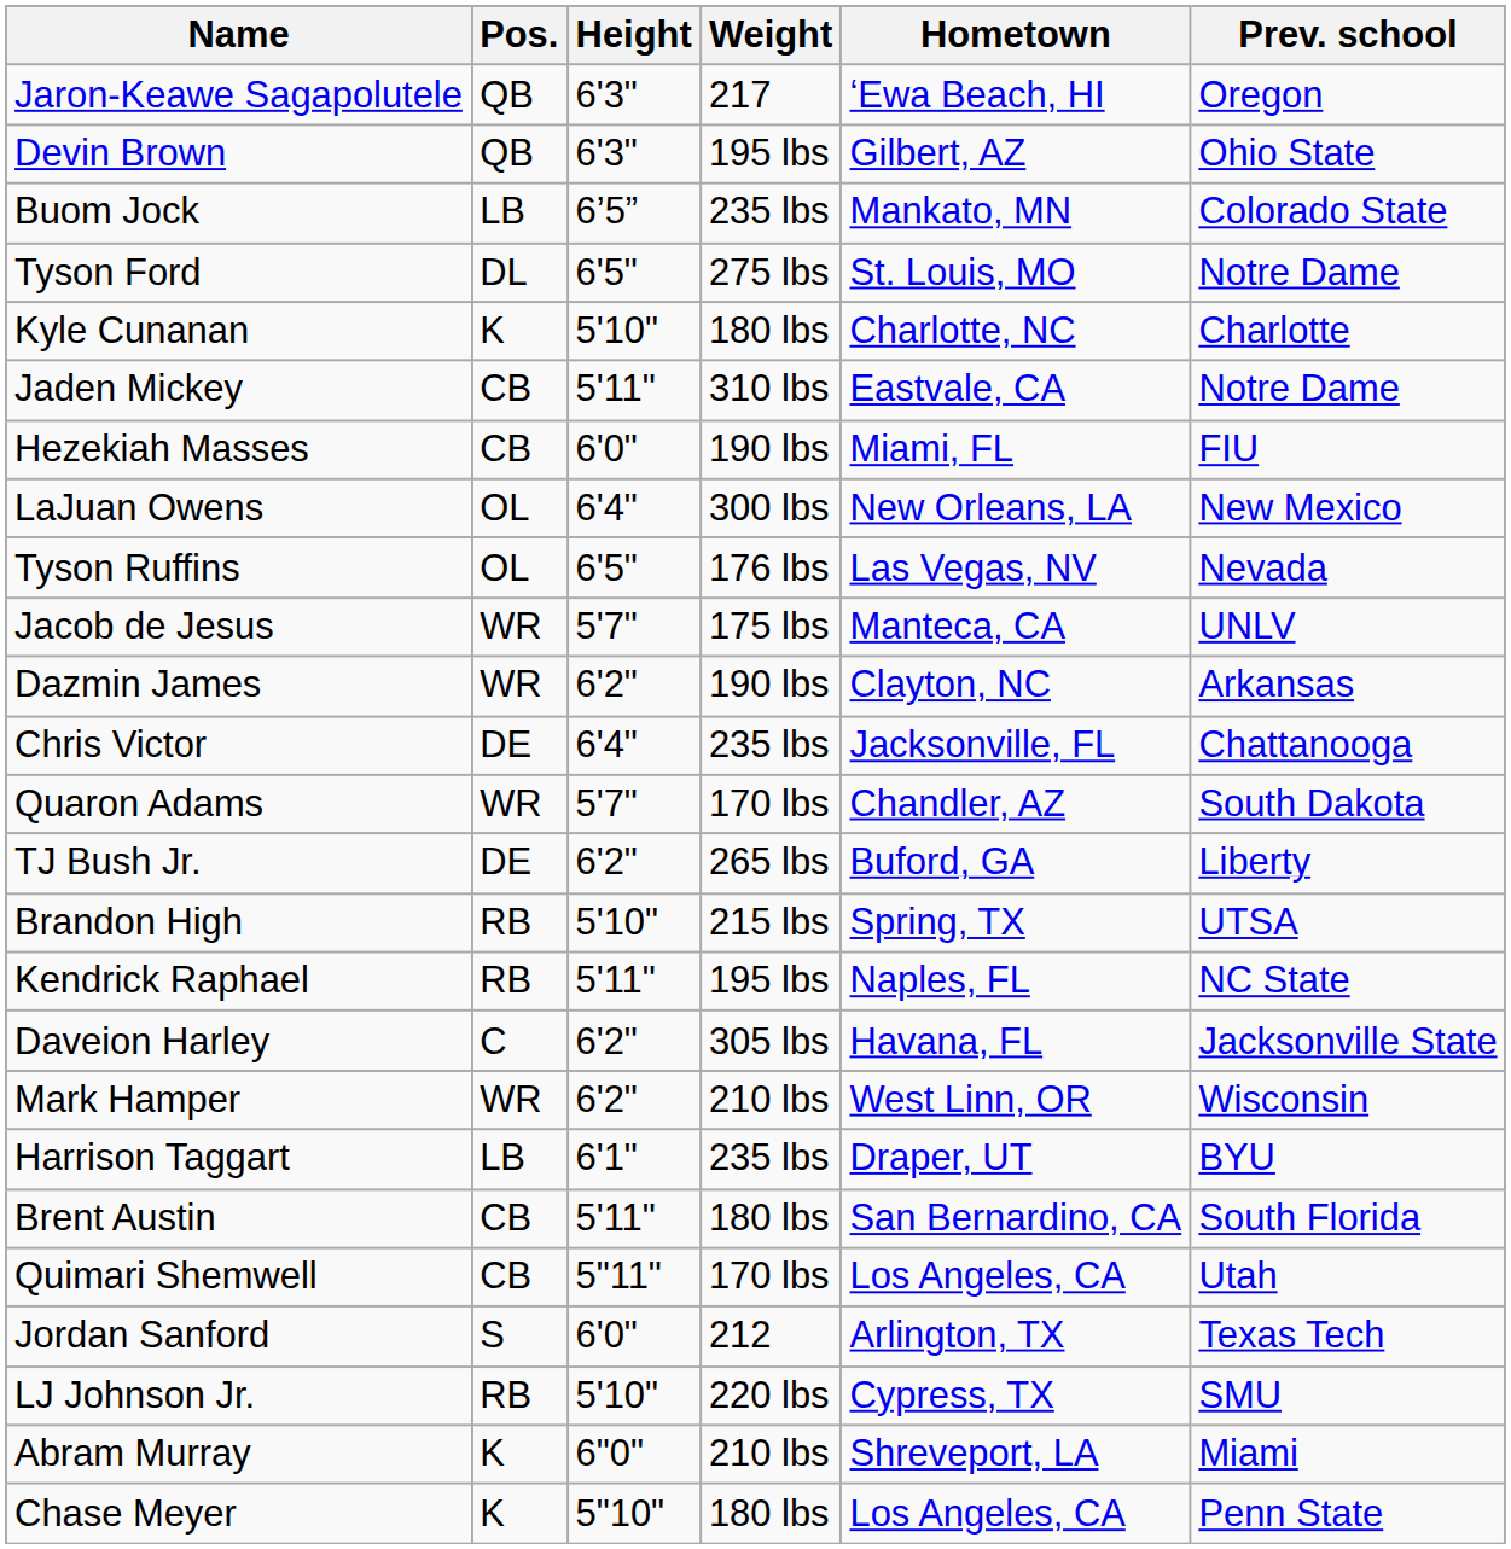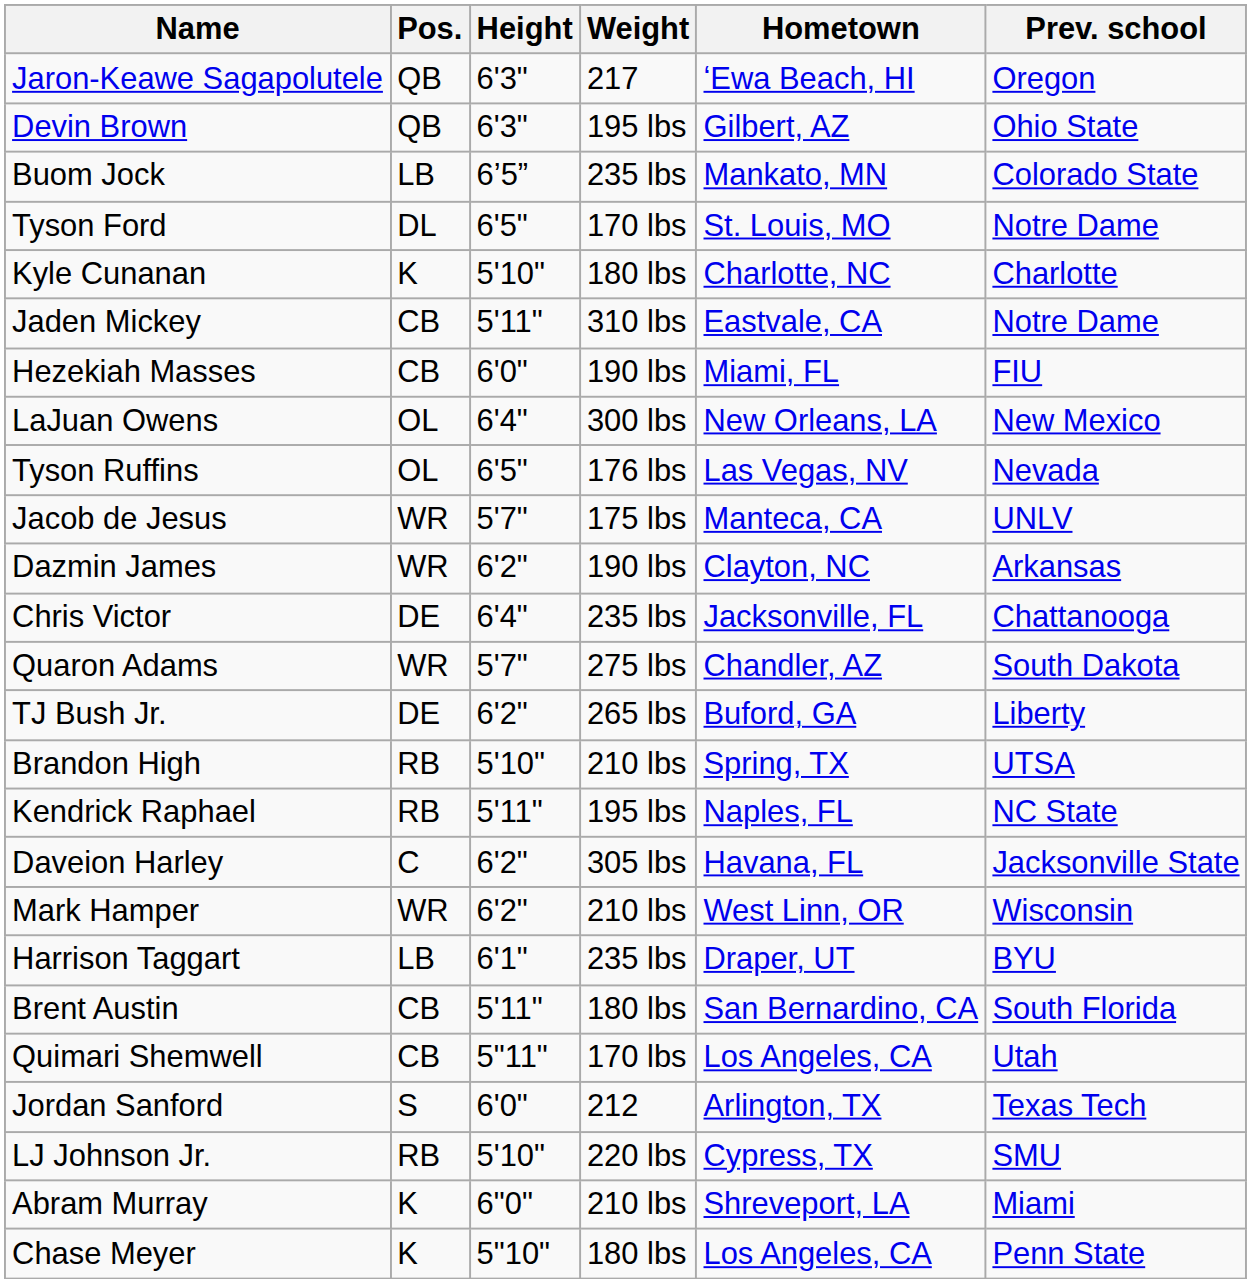 <table class="wikitable sortable">
 <tr>
 <th>Name</th>
 <th>Pos.</th>
 <th>Height</th>
 <th>Weight</th>
 <th>Hometown</th>
 <th>Prev. school</th>
 </tr>
 <tr>
 <td><a href='#'>Jaron-Keawe Sagapolutele</a></td>
 <td>QB</td>
 <td>6'3"</td>
 <td>217</td>
 <td><a href='#'>ʻEwa Beach, HI</a></td>
 <td><a href='#'>Oregon</a></td>
 </tr>
 <tr>
 <td><a href='#'>Devin Brown</a></td>
 <td>QB</td>
 <td>6'3"</td>
 <td>195 lbs</td>
 <td><a href='#'>Gilbert, AZ</a></td>
 <td><a href='#'>Ohio State</a></td>
 </tr>
 <tr>
 <td>Buom Jock</td>
 <td>LB</td>
 <td>6’5”</td>
 <td>235 lbs</td>
 <td><a href='#'>Mankato, MN</a></td>
 <td><a href='#'>Colorado State</a></td>
 </tr>
 <tr>
 <td>Tyson Ford</td>
 <td>DL</td>
 <td>6'5"</td>
-<td>275 lbs</td>
+<td>170 lbs</td>
 <td><a href='#'>St. Louis, MO</a></td>
 <td><a href='#'>Notre Dame</a></td>
 </tr>
 <tr>
 <td>Kyle Cunanan</td>
 <td>K</td>
 <td>5'10"</td>
 <td>180 lbs</td>
 <td><a href='#'>Charlotte, NC</a></td>
 <td><a href='#'>Charlotte</a></td>
 </tr>
 <tr>
 <td>Jaden Mickey</td>
 <td>CB</td>
 <td>5'11"</td>
 <td>310 lbs</td>
 <td><a href='#'>Eastvale, CA</a></td>
 <td><a href='#'>Notre Dame</a></td>
 </tr>
 <tr>
 <td>Hezekiah Masses</td>
 <td>CB</td>
 <td>6'0"</td>
 <td>190 lbs</td>
 <td><a href='#'>Miami, FL</a></td>
 <td><a href='#'>FIU</a></td>
 </tr>
 <tr>
 <td>LaJuan Owens</td>
 <td>OL</td>
 <td>6'4"</td>
 <td>300 lbs</td>
 <td><a href='#'>New Orleans, LA</a></td>
 <td><a href='#'>New Mexico</a></td>
 </tr>
 <tr>
 <td>Tyson Ruffins</td>
 <td>OL</td>
 <td>6'5"</td>
 <td>176 lbs</td>
 <td><a href='#'>Las Vegas, NV</a></td>
 <td><a href='#'>Nevada</a></td>
 </tr>
 <tr>
 <td>Jacob de Jesus</td>
 <td>WR</td>
 <td>5'7"</td>
 <td>175 lbs</td>
 <td><a href='#'>Manteca, CA</a></td>
 <td><a href='#'>UNLV</a></td>
 </tr>
 <tr>
 <td>Dazmin James</td>
 <td>WR</td>
 <td>6'2"</td>
 <td>190 lbs</td>
 <td><a href='#'>Clayton, NC</a></td>
 <td><a href='#'>Arkansas</a></td>
 </tr>
 <tr>
 <td>Chris Victor</td>
 <td>DE</td>
 <td>6'4"</td>
 <td>235 lbs</td>
 <td><a href='#'>Jacksonville, FL</a></td>
 <td><a href='#'>Chattanooga</a></td>
 </tr>
 <tr>
 <td>Quaron Adams</td>
 <td>WR</td>
 <td>5'7"</td>
-<td>170 lbs</td>
+<td>275 lbs</td>
 <td><a href='#'>Chandler, AZ</a></td>
 <td><a href='#'>South Dakota</a></td>
 </tr>
 <tr>
 <td>TJ Bush Jr.</td>
 <td>DE</td>
 <td>6'2"</td>
 <td>265 lbs</td>
 <td><a href='#'>Buford, GA</a></td>
 <td><a href='#'>Liberty</a></td>
 </tr>
 <tr>
 <td>Brandon High</td>
 <td>RB</td>
 <td>5'10"</td>
-<td>215 lbs</td>
+<td>210 lbs</td>
 <td><a href='#'>Spring, TX</a></td>
 <td><a href='#'>UTSA</a></td>
 </tr>
 <tr>
 <td>Kendrick Raphael</td>
 <td>RB</td>
 <td>5'11"</td>
 <td>195 lbs</td>
 <td><a href='#'>Naples, FL</a></td>
 <td><a href='#'>NC State</a></td>
 </tr>
 <tr>
 <td>Daveion Harley</td>
 <td>C</td>
 <td>6'2"</td>
 <td>305 lbs</td>
 <td><a href='#'>Havana, FL</a></td>
 <td><a href='#'>Jacksonville State</a></td>
 </tr>
 <tr>
 <td>Mark Hamper</td>
 <td>WR</td>
 <td>6'2"</td>
 <td>210 lbs</td>
 <td><a href='#'>West Linn, OR</a></td>
 <td><a href='#'>Wisconsin</a></td>
 </tr>
 <tr>
 <td>Harrison Taggart</td>
 <td>LB</td>
 <td>6'1"</td>
 <td>235 lbs</td>
 <td><a href='#'>Draper, UT</a></td>
 <td><a href='#'>BYU</a></td>
 </tr>
 <tr>
 <td>Brent Austin</td>
 <td>CB</td>
 <td>5'11"</td>
 <td>180 lbs</td>
 <td><a href='#'>San Bernardino, CA</a></td>
 <td><a href='#'>South Florida</a></td>
 </tr>
 <tr>
 <td>Quimari Shemwell</td>
 <td>CB</td>
 <td>5"11"</td>
 <td>170 lbs</td>
 <td><a href='#'>Los Angeles, CA</a></td>
 <td><a href='#'>Utah</a></td>
 </tr>
 <tr>
 <td>Jordan Sanford</td>
 <td>S</td>
 <td>6'0"</td>
 <td>212</td>
 <td><a href='#'>Arlington, TX</a></td>
 <td><a href='#'>Texas Tech</a></td>
 </tr>
 <tr>
 <td>LJ Johnson Jr.</td>
 <td>RB</td>
 <td>5'10"</td>
 <td>220 lbs</td>
 <td><a href='#'>Cypress, TX</a></td>
 <td><a href='#'>SMU</a></td>
 </tr>
 <tr>
 <td>Abram Murray</td>
 <td>K</td>
 <td>6"0"</td>
 <td>210 lbs</td>
 <td><a href='#'>Shreveport, LA</a></td>
 <td><a href='#'>Miami</a></td>
 </tr>
 <tr>
 <td>Chase Meyer</td>
 <td>K</td>
 <td>5"10"</td>
 <td>180 lbs</td>
 <td><a href='#'>Los Angeles, CA</a></td>
 <td><a href='#'>Penn State</a></td>
 </tr>
 <tr>
 </tr>
 </table>
